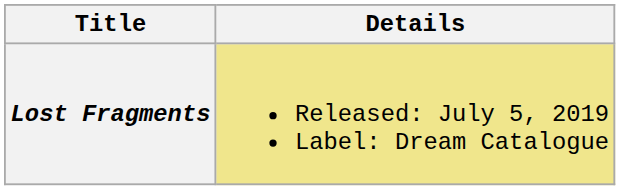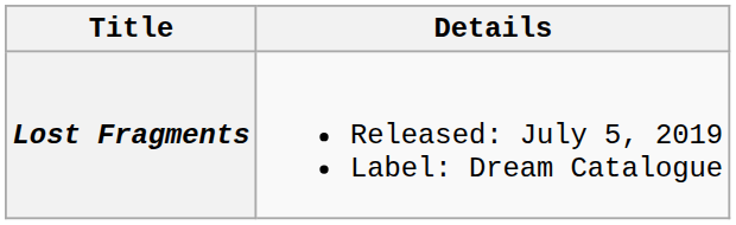 <table class="wikitable plainrowheaders" style="text-align:center;">
 <tr>
 <th scope="col">Title</th>
 <th scope="col">Details</th>
 </tr>
 <tr>
 <th scope="row"><em>Lost Fragments</em></th>
-<td style="background: khaki;"><br><ul><li>Released: July 5, 2019</li><li>Label: Dream Catalogue</li></ul></td>
+<td><br><ul><li>Released: July 5, 2019</li><li>Label: Dream Catalogue</li></ul></td>
 </tr>
 </table>
